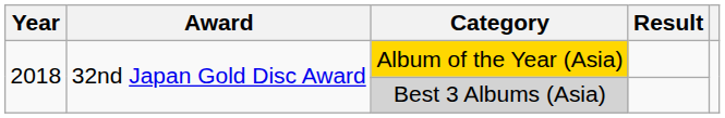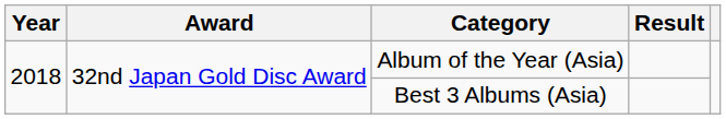 <table class="wikitable" style="text-align:center;">
 <tr>
 <th>Year</th>
 <th>Award</th>
 <th>Category</th>
 <th>Result</th>
 <th></th>
 </tr>
 <tr>
 <td rowspan="2">2018</td>
 <td rowspan="2">32nd <a href='#'>Japan Gold Disc Award</a></td>
-<td style="background: gold;">Album of the Year (Asia)</td>
+<td>Album of the Year (Asia)</td>
 <td></td>
 <td rowspan=2></td>
 </tr>
 <tr>
-<td style="background: lightgrey;">Best 3 Albums (Asia)</td>
+<td>Best 3 Albums (Asia)</td>
 <td></td>
 </tr>
 </table>
